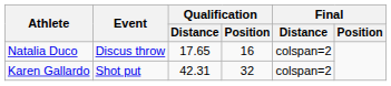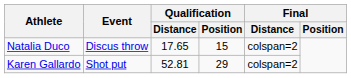 <table class=wikitable style=font-size:90%>
 <tr>
 <th rowspan=2>Athlete</th>
 <th rowspan=2>Event</th>
 <th colspan=2>Qualification</th>
 <th colspan=2>Final</th>
 </tr>
 <tr style=font-size:95%>
 <th>Distance</th>
 <th>Position</th>
 <th>Distance</th>
 <th>Position</th>
 </tr>
 <tr align=center>
 <td align=left><a href='#'>Natalia Duco</a></td>
 <td align=left><a href='#'>Discus throw</a></td>
 <td>17.65</td>
-<td>16</td>
+<td>15</td>
 <td>colspan=2 </td>
 </tr>
 <tr align=center>
 <td align=left><a href='#'>Karen Gallardo</a></td>
 <td align=left><a href='#'>Shot put</a></td>
-<td>42.31</td>
-<td>32</td>
+<td>52.81</td>
+<td>29</td>
 <td>colspan=2 </td>
 </tr>
 </table>
